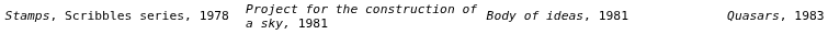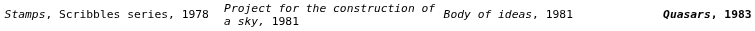 <table border="0" align="center" width="80%">
 <tr>
 <th width="20%"></th>
 <th width="20%"></th>
 <th width="20%"></th>
 <th width="20%"></th>
 </tr>
 <tr>
 <td><em>Stamps</em>, Scribbles series, 1978</td>
 <td><em>Project for the construction of a sky,</em> 1981</td>
 <td><em>Body of ideas</em>, 1981</td>
-<td><em>Quasars</em>, 1983</td>
+<td><strong><em>Quasars</em>, 1983</strong></td>
 </tr>
 </table>
